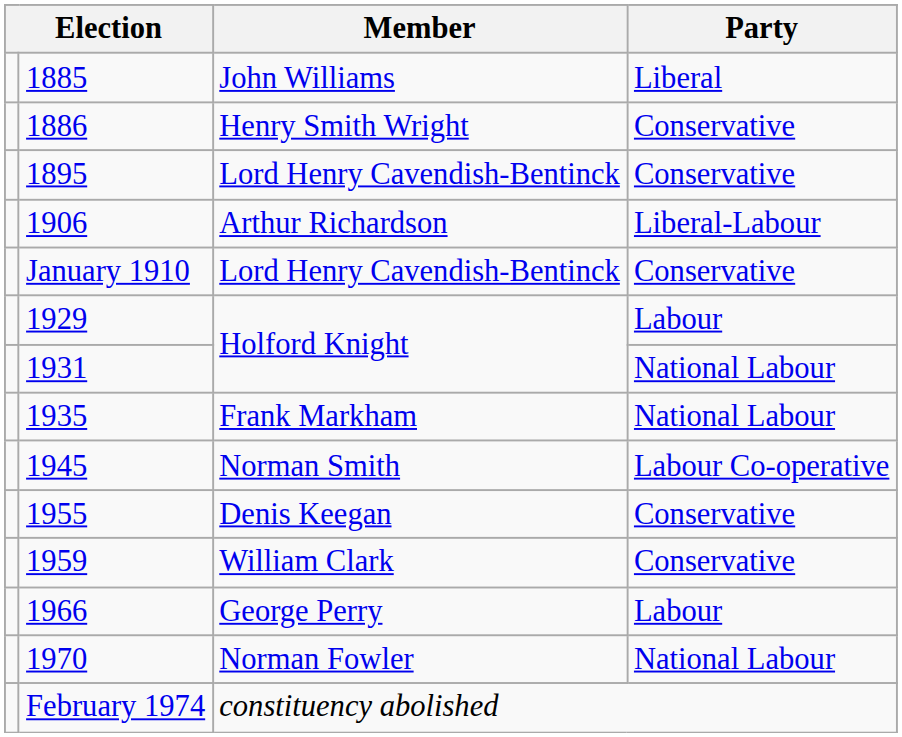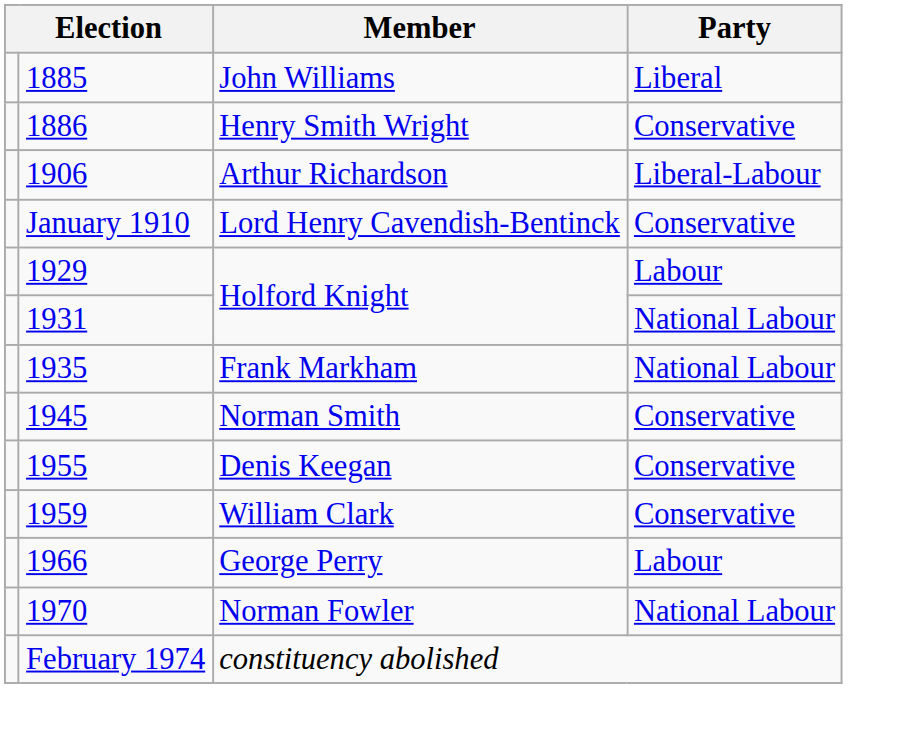 <table class="wikitable">
 <tr>
 <th colspan="2">Election</th>
 <th>Member</th>
 <th>Party</th>
 </tr>
 <tr>
 <td style="color:inherit;background-color: "></td>
 <td><a href='#'>1885</a></td>
 <td><a href='#'>John Williams</a></td>
 <td><a href='#'>Liberal</a></td>
 </tr>
 <tr>
 <td style="color:inherit;background-color: "></td>
 <td><a href='#'>1886</a></td>
 <td><a href='#'>Henry Smith Wright</a></td>
-<td><a href='#'>Conservative</a></td>
-</tr>
-<tr>
-<td style="color:inherit;background-color: "></td>
-<td><a href='#'>1895</a></td>
-<td><a href='#'>Lord Henry Cavendish-Bentinck</a></td>
 <td><a href='#'>Conservative</a></td>
 </tr>
 <tr>
 <td style="color:inherit;background-color: "></td>
 <td><a href='#'>1906</a></td>
 <td><a href='#'>Arthur Richardson</a></td>
 <td><a href='#'>Liberal-Labour</a></td>
 </tr>
 <tr>
 <td style="color:inherit;background-color: "></td>
 <td><a href='#'>January 1910</a></td>
 <td><a href='#'>Lord Henry Cavendish-Bentinck</a></td>
 <td><a href='#'>Conservative</a></td>
 </tr>
 <tr>
 <td style="color:inherit;background-color: "></td>
 <td><a href='#'>1929</a></td>
 <td rowspan="2"><a href='#'>Holford Knight</a></td>
 <td><a href='#'>Labour</a></td>
 </tr>
 <tr>
 <td style="color:inherit;background-color: "></td>
 <td><a href='#'>1931</a></td>
 <td><a href='#'>National Labour</a></td>
 </tr>
 <tr>
 <td style="color:inherit;background-color: "></td>
 <td><a href='#'>1935</a></td>
 <td><a href='#'>Frank Markham</a></td>
 <td><a href='#'>National Labour</a></td>
 </tr>
 <tr>
 <td style="color:inherit;background-color: "></td>
 <td><a href='#'>1945</a></td>
 <td><a href='#'>Norman Smith</a></td>
-<td><a href='#'>Labour Co-operative</a></td>
+<td><a href='#'>Conservative</a></td>
 </tr>
 <tr>
 <td style="color:inherit;background-color: "></td>
 <td><a href='#'>1955</a></td>
 <td><a href='#'>Denis Keegan</a></td>
 <td><a href='#'>Conservative</a></td>
 </tr>
 <tr>
 <td style="color:inherit;background-color: "></td>
 <td><a href='#'>1959</a></td>
 <td><a href='#'>William Clark</a></td>
 <td><a href='#'>Conservative</a></td>
 </tr>
 <tr>
 <td style="color:inherit;background-color: "></td>
 <td><a href='#'>1966</a></td>
 <td><a href='#'>George Perry</a></td>
 <td><a href='#'>Labour</a></td>
 </tr>
 <tr>
 <td style="color:inherit;background-color: "></td>
 <td><a href='#'>1970</a></td>
 <td><a href='#'>Norman Fowler</a></td>
 <td><a href='#'>National Labour</a></td>
 </tr>
 <tr>
 <td></td>
 <td><a href='#'>February 1974</a></td>
 <td colspan="2"><em>constituency abolished</em></td>
 </tr>
 </table>
